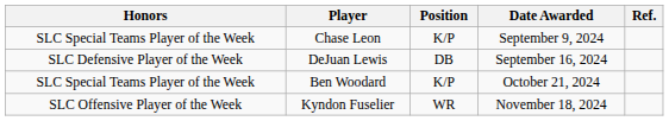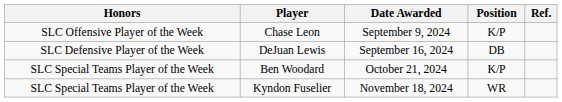 <table class="wikitable" style="width: 60%;text-align: center;">
 <tr>
 <th>Honors</th>
 <th>Player</th>
+<th>Date Awarded</th>
 <th>Position</th>
-<th>Date Awarded</th>
 <th>Ref.</th>
 </tr>
 <tr align="center">
-<td rowspan="1">SLC Special Teams Player of the Week</td>
+<td rowspan="1">SLC Offensive Player of the Week</td>
 <td>Chase Leon</td>
+<td>September 9, 2024</td>
 <td>K/P</td>
-<td>September 9, 2024</td>
 <td></td>
 </tr>
 <tr align="center">
 <td rowspan="1">SLC Defensive Player of the Week</td>
 <td>DeJuan Lewis</td>
+<td>September 16, 2024</td>
 <td>DB</td>
-<td>September 16, 2024</td>
 <td></td>
 </tr>
 <tr align="center">
 <td rowspan="1">SLC Special Teams Player of the Week</td>
 <td>Ben Woodard</td>
+<td>October 21, 2024</td>
 <td>K/P</td>
-<td>October 21, 2024</td>
 <td></td>
 </tr>
 <tr align="center">
-<td rowspan="1">SLC Offensive Player of the Week</td>
+<td rowspan="1">SLC Special Teams Player of the Week</td>
 <td>Kyndon Fuselier</td>
+<td>November 18, 2024</td>
 <td>WR</td>
-<td>November 18, 2024</td>
 <td></td>
 </tr>
 </table>
